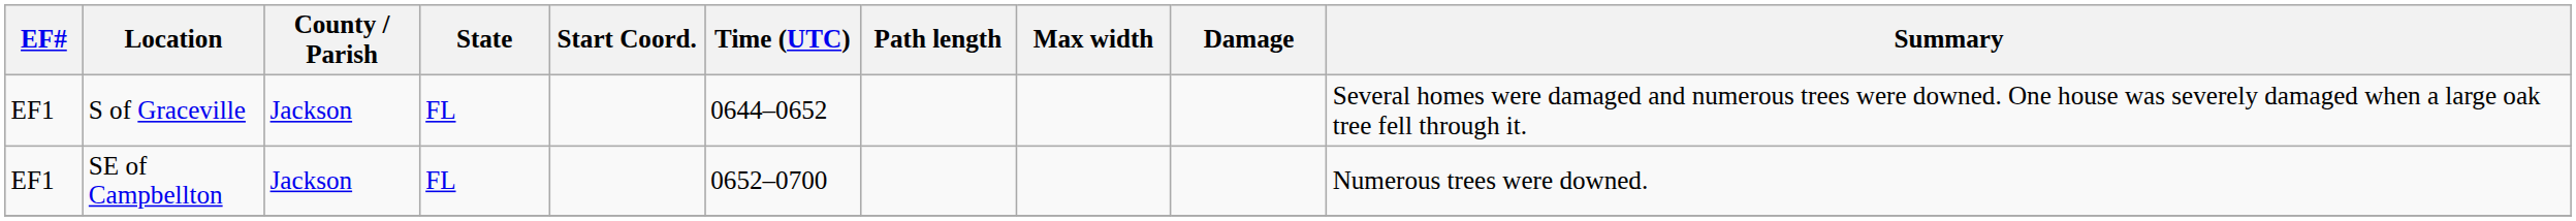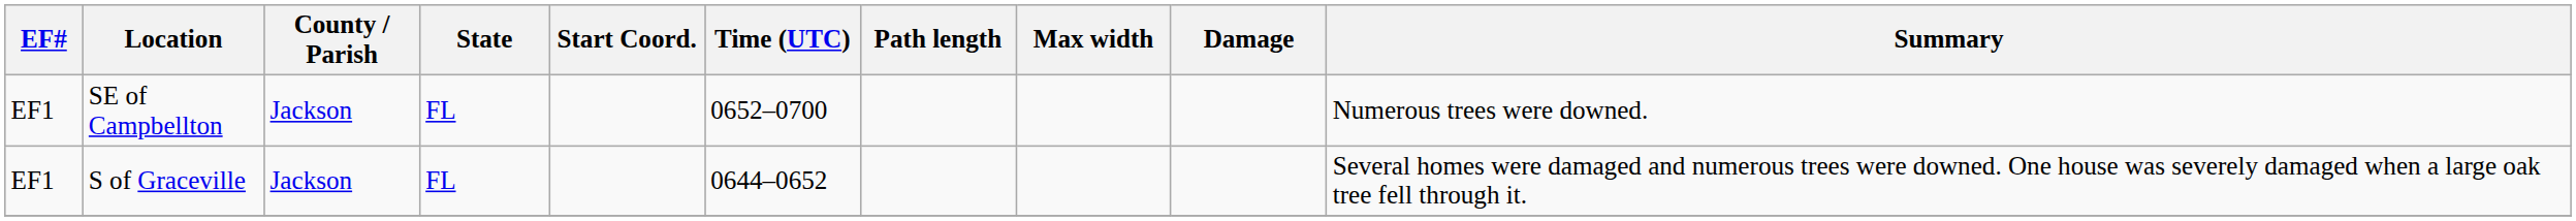 <table class="wikitable sortable" style="width:100%;">
 <tr>
 <th scope="col" width="3%" align="center"><a href='#'>EF#</a></th>
 <th scope="col" width="7%" align="center" class="unsortable">Location</th>
 <th scope="col" width="6%" align="center" class="unsortable">County / Parish</th>
 <th scope="col" width="5%" align="center">State</th>
 <th scope="col" width="6%" align="center">Start Coord.</th>
 <th scope="col" width="6%" align="center">Time (<a href='#'>UTC</a>)</th>
 <th scope="col" width="6%" align="center">Path length</th>
 <th scope="col" width="6%" align="center">Max width</th>
 <th scope="col" width="6%" align="center">Damage</th>
 <th scope="col" width="48%" class="unsortable" align="center">Summary</th>
 </tr>
 <tr>
 <td>EF1</td>
+<td>SE of <a href='#'>Campbellton</a></td>
+<td><a href='#'>Jackson</a></td>
+<td><a href='#'>FL</a></td>
+<td></td>
+<td>0652–0700</td>
+<td></td>
+<td></td>
+<td></td>
+<td>Numerous trees were downed.</td>
+</tr>
+<tr>
+<td>EF1</td>
 <td>S of <a href='#'>Graceville</a></td>
 <td><a href='#'>Jackson</a></td>
 <td><a href='#'>FL</a></td>
 <td></td>
 <td>0644–0652</td>
 <td></td>
 <td></td>
 <td></td>
 <td>Several homes were damaged and numerous trees were downed. One house was severely damaged when a large oak tree fell through it.</td>
 </tr>
 <tr>
-<td>EF1</td>
-<td>SE of <a href='#'>Campbellton</a></td>
-<td><a href='#'>Jackson</a></td>
-<td><a href='#'>FL</a></td>
-<td></td>
-<td>0652–0700</td>
-<td></td>
-<td></td>
-<td></td>
-<td>Numerous trees were downed.</td>
-</tr>
-<tr>
 </tr>
 </table>
